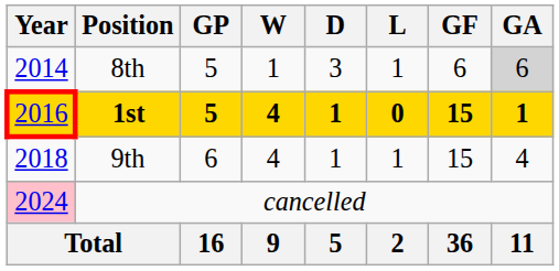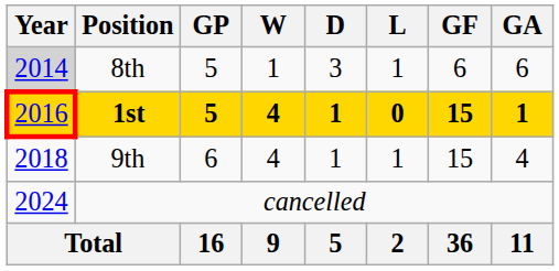 <table class="wikitable" style="text-align: center;">
 <tr>
 <th>Year</th>
 <th>Position</th>
 <th width=30>GP</th>
 <th width=30>W</th>
 <th width=30>D</th>
 <th width=30>L</th>
 <th width=30>GF</th>
 <th width=30>GA</th>
 </tr>
 <tr>
-<td> <a href='#'>2014</a></td>
+<td style="background: lightgrey;"> <a href='#'>2014</a></td>
 <td>8th</td>
 <td>5</td>
 <td>1</td>
 <td>3</td>
 <td>1</td>
 <td>6</td>
-<td style="background: lightgrey;">6</td>
+<td>6</td>
 </tr>
 <tr style="background:gold;">
 <td style="border: 3px solid red"> <a href='#'>2016</a></td>
 <td><strong>1st</strong></td>
 <td><strong>5</strong></td>
 <td><strong>4</strong></td>
 <td><strong>1</strong></td>
 <td><strong>0</strong></td>
 <td><strong>15</strong></td>
 <td><strong>1</strong></td>
 </tr>
 <tr>
 <td> <a href='#'>2018</a></td>
 <td>9th</td>
 <td>6</td>
 <td>4</td>
 <td>1</td>
 <td>1</td>
 <td>15</td>
 <td>4</td>
 </tr>
 <tr>
-<td style="background: pink;"> <a href='#'>2024</a></td>
+<td> <a href='#'>2024</a></td>
 <td colspan=7><em>cancelled</em></td>
 </tr>
 <tr>
 <th colspan=2>Total</th>
 <th>16</th>
 <th>9</th>
 <th>5</th>
 <th>2</th>
 <th>36</th>
 <th>11</th>
 </tr>
 </table>
